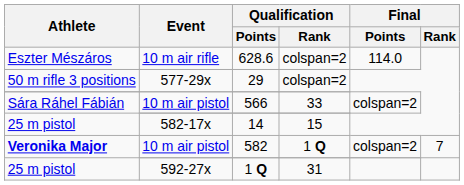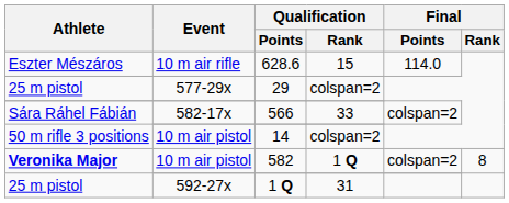 <table class="wikitable" style="font-size:90%">
 <tr>
 <th rowspan="2">Athlete</th>
 <th rowspan="2">Event</th>
 <th colspan=2>Qualification</th>
 <th colspan=2>Final</th>
 </tr>
 <tr style="font-size:95%">
 <th>Points</th>
 <th>Rank</th>
 <th>Points</th>
 <th>Rank</th>
 </tr>
 <tr align=center>
 <td align=left rowspan=2><a href='#'>Eszter Mészáros</a></td>
 <td align=left><a href='#'>10 m air rifle</a></td>
 <td>628.6</td>
-<td>colspan=2 </td>
+<td>15</td>
 <td>114.0</td>
 </tr>
 <tr>
 </tr>
 <tr>
 </tr>
 <tr align=center>
-<td align=left><a href='#'>50 m rifle 3 positions</a></td>
+<td align=left><a href='#'>25 m pistol</a></td>
 <td>577-29x</td>
 <td>29</td>
 <td>colspan=2 </td>
 </tr>
 <tr>
 </tr>
 <tr align=center>
 <td align=left rowspan=2><a href='#'>Sára Ráhel Fábián</a></td>
-<td align=left><a href='#'>10 m air pistol</a></td>
+<td>582-17x</td>
 <td>566</td>
 <td>33</td>
 <td>colspan=2 </td>
 </tr>
 <tr>
 </tr>
 <tr align=center>
-<td align=left><a href='#'>25 m pistol</a></td>
-<td>582-17x</td>
+<td align=left><a href='#'>50 m rifle 3 positions</a></td>
+<td align=left><a href='#'>10 m air pistol</a></td>
 <td>14</td>
-<td>15</td>
+<td>colspan=2 </td>
 </tr>
 <tr align=center>
 <td align=left rowspan=2><strong><a href='#'>Veronika Major</a></strong></td>
 <td align=left><a href='#'>10 m air pistol</a></td>
 <td>582</td>
 <td>1 <strong>Q</strong></td>
 <td>colspan=2 </td>
-<td>7</td>
+<td>8</td>
 </tr>
 <tr>
 </tr>
 <tr align=center>
 <td align=left><a href='#'>25 m pistol</a></td>
 <td>592-27x</td>
 <td>1 <strong>Q</strong></td>
 <td>31</td>
 <td></td>
 </tr>
 </table>
